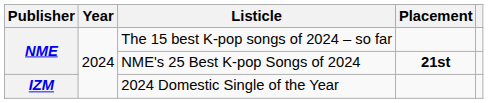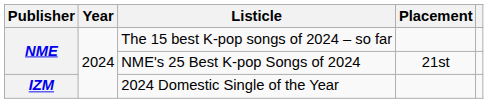 <table class="wikitable plainrowheaders sortable" style="text-align:center">
 <tr>
 <th scope="col">Publisher</th>
 <th scope="col">Year</th>
 <th scope="col">Listicle</th>
 <th scope="col">Placement</th>
 <th scope="col" class="unsortable"></th>
 </tr>
 <tr>
 <th scope="row" rowspan="2"><em><a href='#'>NME</a></em></th>
 <td rowspan="3">2024</td>
 <td style="text-align:left">The 15 best K-pop songs of 2024 – so far</td>
 <td></td>
 <td></td>
 </tr>
 <tr>
 <td style="text-align:left">NME's 25 Best K-pop Songs of 2024</td>
-<td><strong>21st</strong></td>
+<td>21st</td>
 <td></td>
 </tr>
 <tr>
 <th scope="row"><em><a href='#'>IZM</a></em></th>
 <td style="text-align:left">2024 Domestic Single of the Year</td>
 <td></td>
 <td></td>
 </tr>
 </table>
